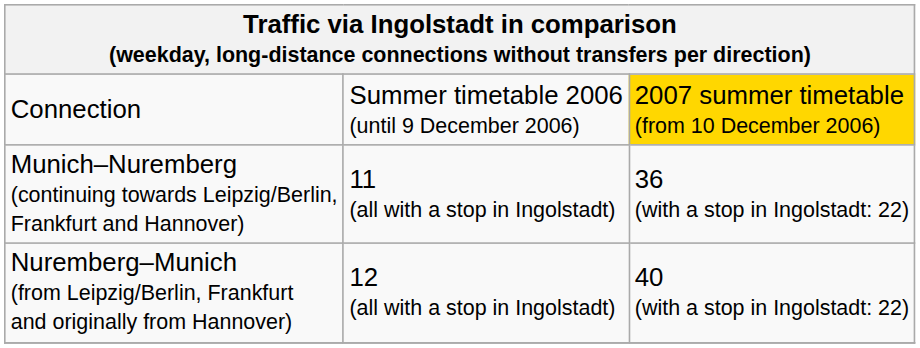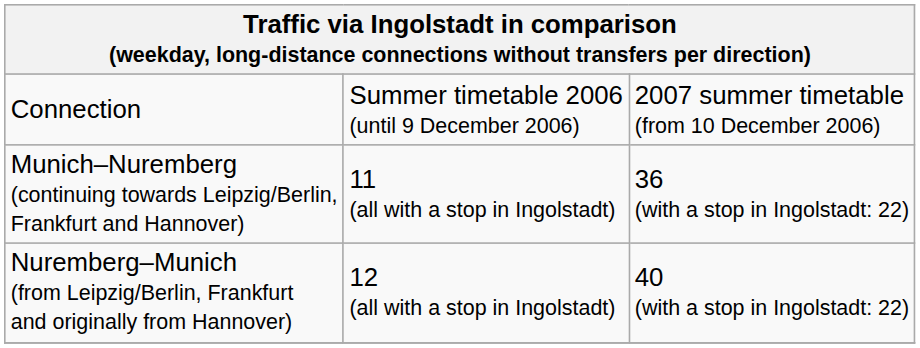 <table class="wikitable floatright">
 <tr>
 <th ! colspan="3">Traffic via Ingolstadt in comparison<br><small>(weekday, long-distance connections without transfers per direction)</small></th>
 </tr>
 <tr>
 <td>Connection</td>
 <td>Summer timetable 2006<br><small>(until 9 December 2006)</small></td>
-<td style="background: gold;">2007 summer timetable<br><small>(from 10 December 2006)</small></td>
+<td>2007 summer timetable<br><small>(from 10 December 2006)</small></td>
 </tr>
 <tr>
 <td>Munich–Nuremberg<br><small>(continuing towards Leipzig/Berlin,<br> Frankfurt and Hannover)</small></td>
 <td>11<br><small>(all with a stop in Ingolstadt)</small></td>
 <td>36<br><small> (with a stop in Ingolstadt: 22)</small></td>
 </tr>
 <tr>
 <td>Nuremberg–Munich<br><small>(from Leipzig/Berlin, Frankfurt<br> and originally from Hannover)</small></td>
 <td>12<br><small>(all with a stop in Ingolstadt)</small></td>
 <td>40<br><small>(with a stop in Ingolstadt: 22)</small></td>
 </tr>
 <tr>
 </tr>
 </table>
